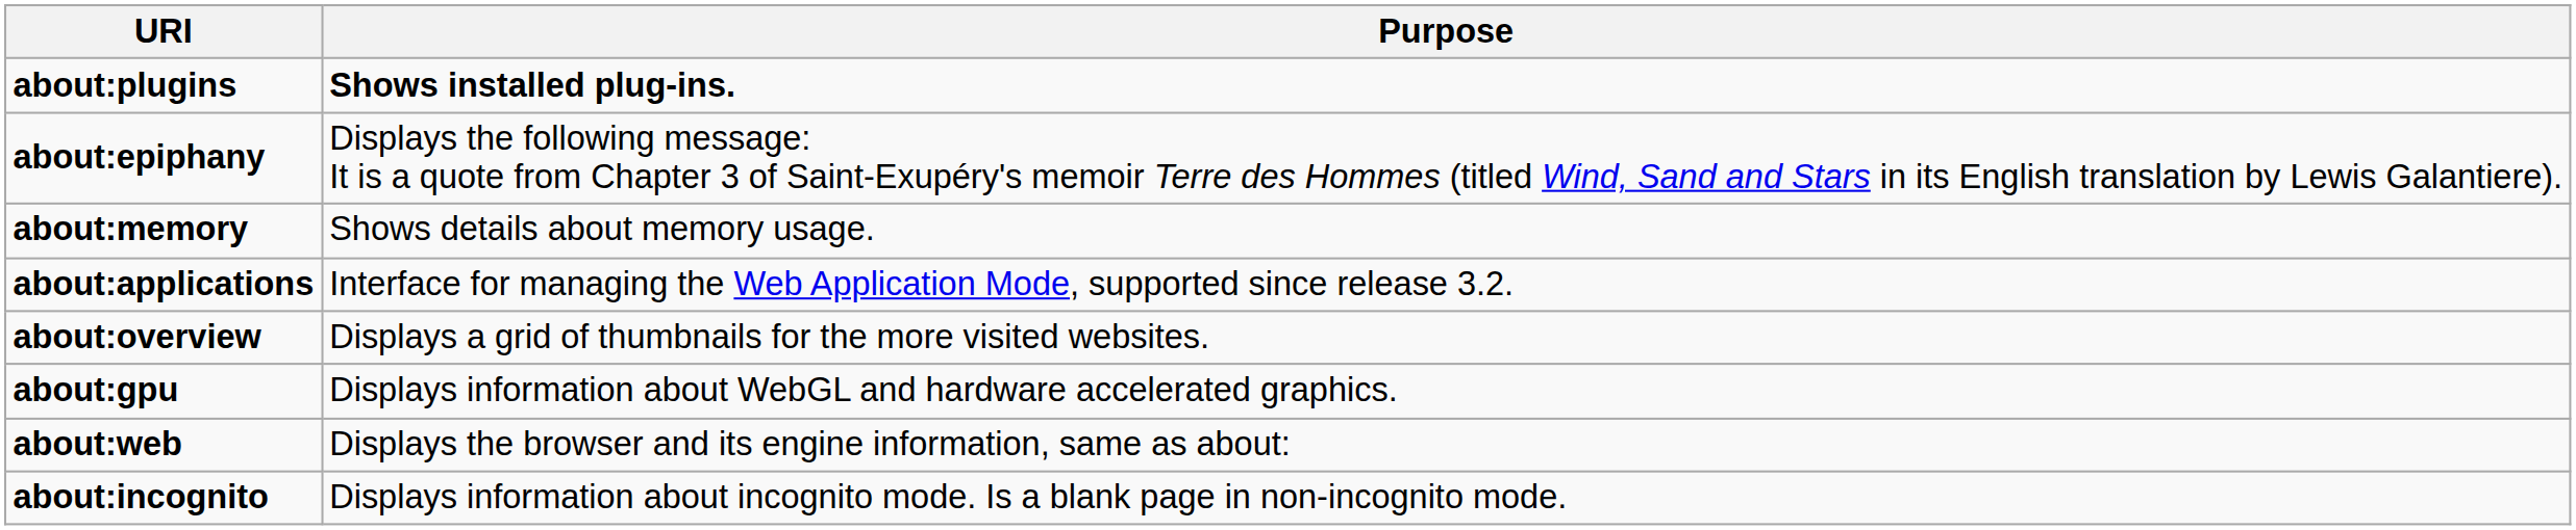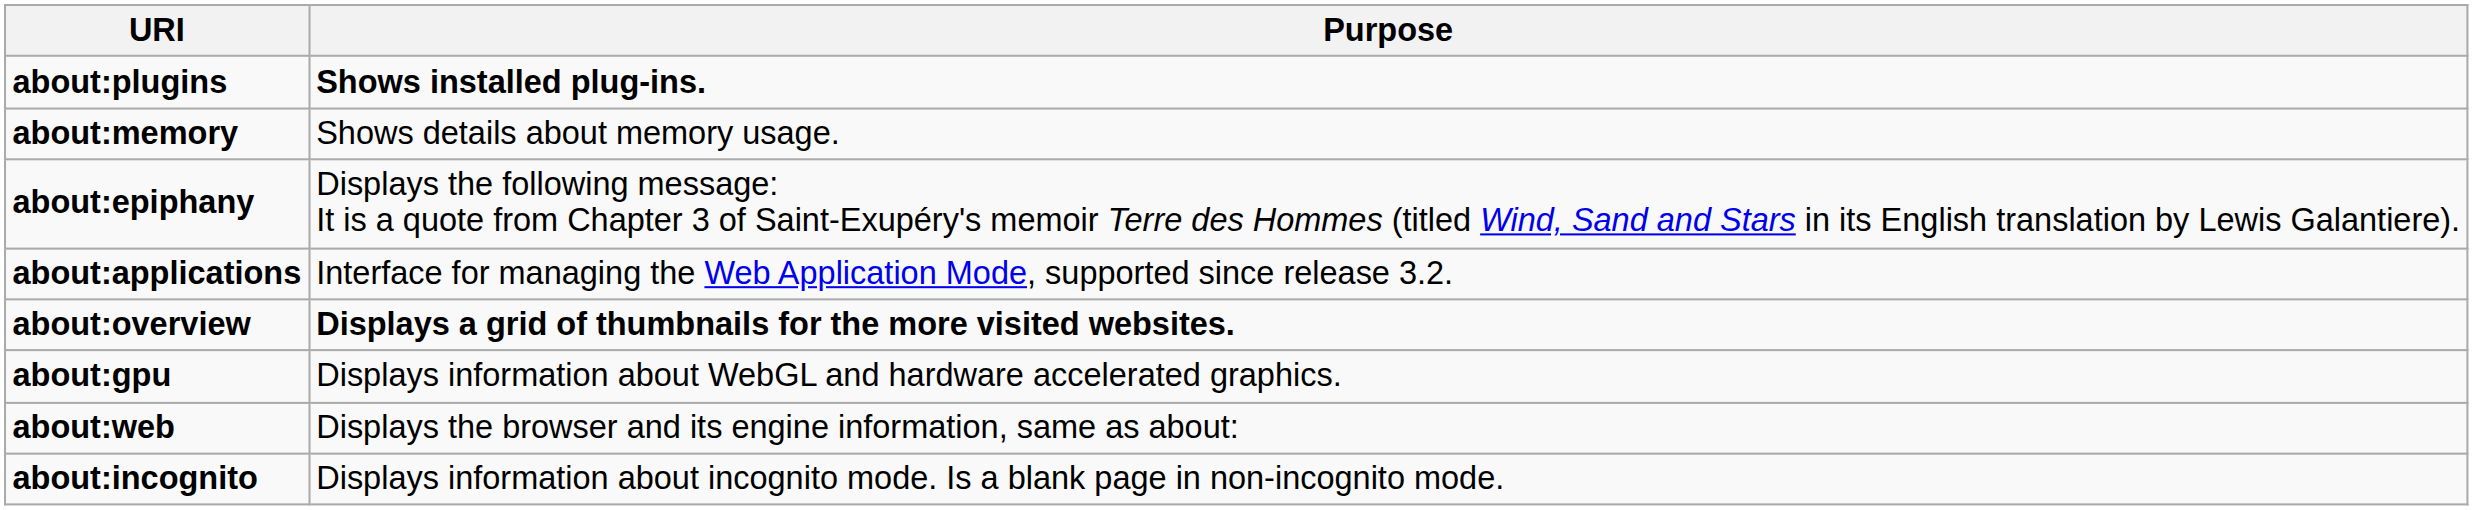 <table class="wikitable">
 <tr>
 <th>URI</th>
 <th>Purpose</th>
 </tr>
 <tr>
 <td><strong>about:plugins</strong></td>
 <td><strong>Shows installed plug-ins.</strong></td>
 </tr>
 <tr>
+<td><strong>about:memory</strong></td>
+<td>Shows details about memory usage.</td>
+</tr>
+<tr>
 <td><strong>about:epiphany</strong></td>
 <td>Displays the following message:<br> It is a quote from Chapter 3 of Saint-Exupéry's memoir <em>Terre des Hommes</em> (titled <em><a href='#'>Wind, Sand and Stars</a></em> in its English translation by Lewis Galantiere).</td>
-</tr>
-<tr>
-<td><strong>about:memory</strong></td>
-<td>Shows details about memory usage.</td>
 </tr>
 <tr>
 <td><strong>about:applications</strong></td>
 <td>Interface for managing the <a href='#'>Web Application Mode</a>, supported since release 3.2.</td>
 </tr>
 <tr>
 <td><strong>about:overview</strong></td>
-<td>Displays a grid of thumbnails for the more visited websites.</td>
+<td><strong>Displays a grid of thumbnails for the more visited websites.</strong></td>
 </tr>
 <tr>
 <td><strong>about:gpu</strong></td>
 <td>Displays information about WebGL and hardware accelerated graphics.</td>
 </tr>
 <tr>
 <td><strong>about:web</strong></td>
 <td>Displays the browser and its engine information, same as about:</td>
 </tr>
 <tr>
 <td><strong>about:incognito</strong></td>
 <td>Displays information about incognito mode. Is a blank page in non-incognito mode.</td>
 </tr>
 </table>
